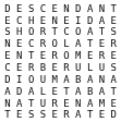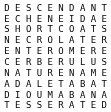 <table style="font-family: monospace; margin: 0 0 0 0; line-height:90%">
 <tr>
 <td style="padding-left: 2em;">D E S C E N D A N T</td>
 </tr>
 <tr>
 <td style="padding-left: 2em;">E C H E N E I D A E</td>
 </tr>
 <tr>
 <td style="padding-left: 2em;">S H O R T C O A T S</td>
 </tr>
 <tr>
 <td style="padding-left: 2em;">N E C R O L A T E R</td>
 </tr>
 <tr>
 <td style="padding-left: 2em;">E N T E R O M E R E</td>
 </tr>
 <tr>
 <td style="padding-left: 2em;">C E R B E R U L U S</td>
 </tr>
 <tr>
-<td style="padding-left: 2em;">D I O U M A B A N A</td>
+<td style="padding-left: 2em;">N A T U R E N A M E</td>
 </tr>
 <tr>
 <td style="padding-left: 2em;">A D A L E T A B A T</td>
 </tr>
 <tr>
-<td style="padding-left: 2em;">N A T U R E N A M E</td>
+<td style="padding-left: 2em;">D I O U M A B A N A</td>
 </tr>
 <tr>
 <td style="padding-left: 2em;">T E S S E R A T E D</td>
 </tr>
 </table>
